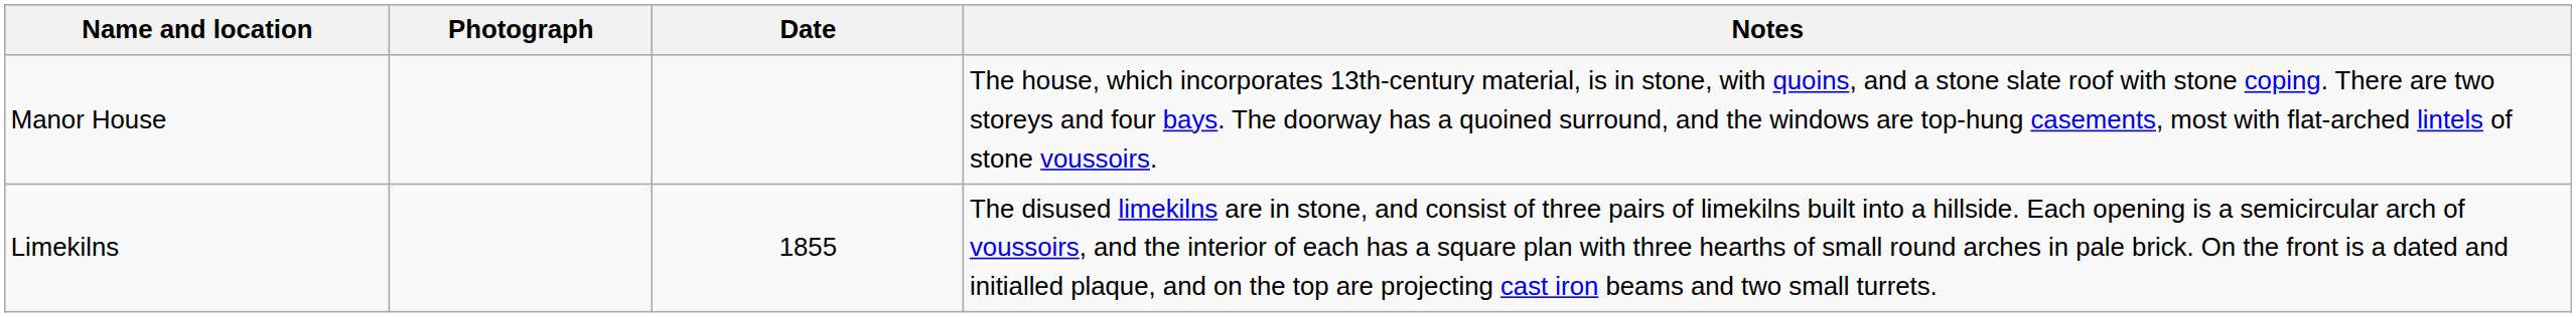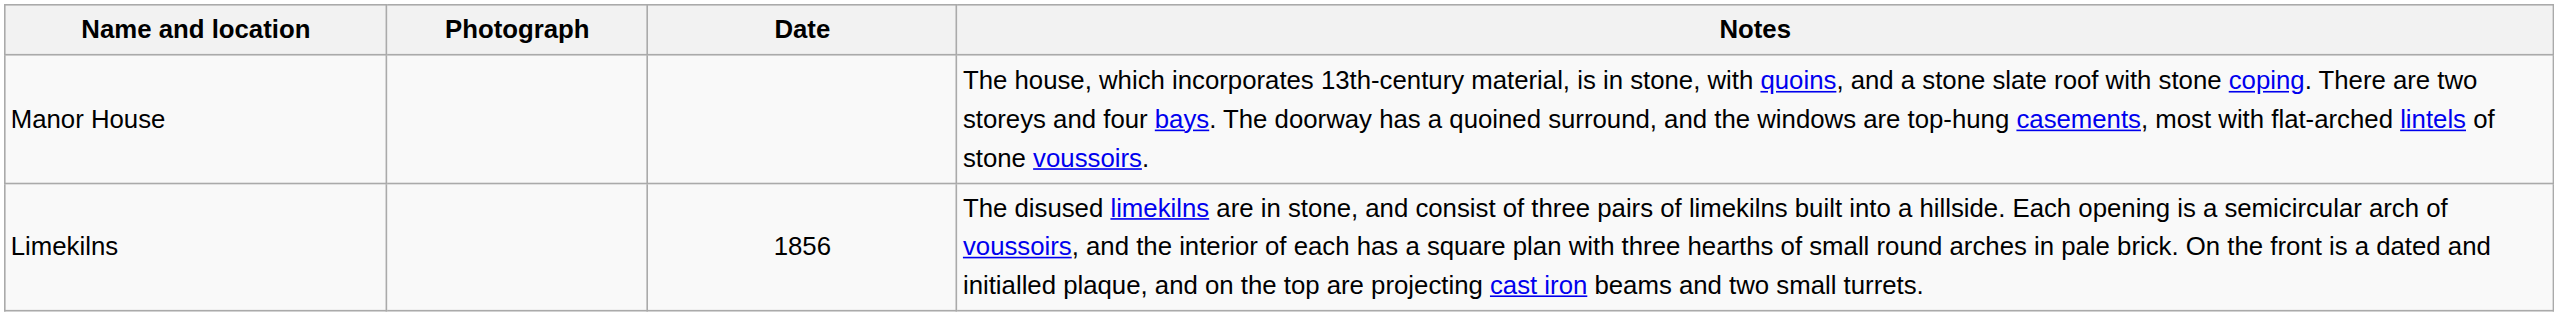 <table class="wikitable sortable plainrowheaders" style="width:100%;border:0px;text-align:left;line-height:150%;">
 <tr>
 <th scope="col"  style="width:150px">Name and location</th>
 <th scope="col"  style="width:100px" class="unsortable">Photograph</th>
 <th scope="col"  style="width:120px">Date</th>
 <th scope="col"  style="width:650px" class ="unsortable">Notes</th>
 </tr>
 <tr>
 <td>Manor House<br><small></small></td>
 <td></td>
 <td align="center"></td>
 <td>The house, which incorporates 13th-century material, is in stone, with <a href='#'>quoins</a>, and a stone slate roof with stone <a href='#'>coping</a>.  There are two storeys and four <a href='#'>bays</a>.  The doorway has a quoined surround, and the windows are top-hung <a href='#'>casements</a>, most with flat-arched <a href='#'>lintels</a> of stone <a href='#'>voussoirs</a>.</td>
 </tr>
 <tr>
 <td>Limekilns<br><small></small></td>
 <td></td>
-<td align="center">1855</td>
+<td align="center">1856</td>
 <td>The disused <a href='#'>limekilns</a> are in stone, and consist of three pairs of limekilns built into a hillside.  Each opening is a semicircular arch of <a href='#'>voussoirs</a>, and the interior of each has a square plan with three hearths of small round arches in pale brick. On the front is a dated and initialled plaque, and on the top are projecting <a href='#'>cast iron</a> beams and two small turrets.</td>
 </tr>
 <tr>
 </tr>
 </table>
